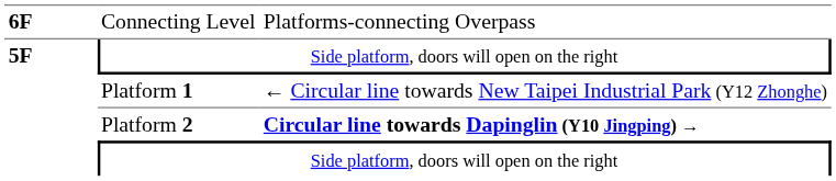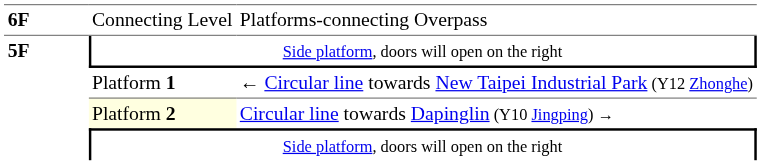 <table border=0 cellspacing=0 cellpadding="3" table>
 <tr>
 <td style="border-bottom:solid 1px gray;border-top:solid 1px gray;" valign=top><strong>6F</strong></td>
 <td style="border-top:solid 1px gray;border-bottom:solid 1px gray;" valign=top>Connecting Level</td>
 <td style="border-top:solid 1px gray;border-bottom:solid 1px gray;" valign=top>Platforms-connecting Overpass</td>
 </tr>
 <tr>
 <td style="border-bottom:solid 0px gray;" width=62.5 rowspan=10 valign=top><strong>5F</strong></td>
 <td style="border-right:solid 2px black;border-left:solid 2px black;border-bottom:solid 2px black;text-align:center;" colspan=2><small><a href='#'>Side platform</a>, doors will open on the right</small></td>
 </tr>
 <tr>
 <td>Platform <span><strong>1</strong></span></td>
 <td>←  <a href='#'>Circular line</a> towards <a href='#'>New Taipei Industrial Park</a><small> (Y12 <a href='#'>Zhonghe</a>)</small></td>
 </tr>
 <tr>
-<td style="border-top:solid 1px gray;">Platform <span><strong>2</strong></span></td>
-<td style="border-top:solid 1px gray;"><strong> <a href='#'>Circular line</a> towards <a href='#'>Dapinglin</a><small> (Y10 <a href='#'>Jingping</a>) →</small></strong></td>
+<td style="background: lightyellow; border-top:solid 1px gray;">Platform <span><strong>2</strong></span></td>
+<td style="border-top:solid 1px gray;"> <a href='#'>Circular line</a> towards <a href='#'>Dapinglin</a><small> (Y10 <a href='#'>Jingping</a>) →</small></td>
 </tr>
 <tr>
 <td style="border-top:solid 2px black;border-right:solid 2px black;border-left:solid 2px black;border-bottom:solid 0px gray;text-align:center;" colspan=2><small><a href='#'>Side platform</a>, doors will open on the right</small></td>
 </tr>
 </table>
